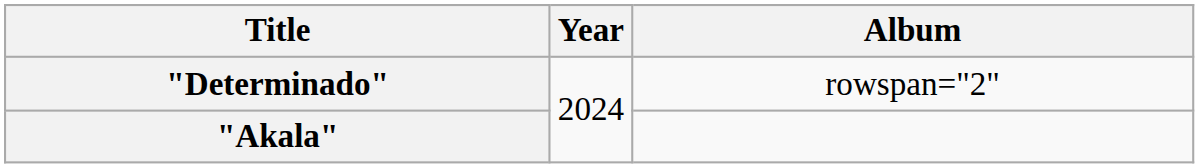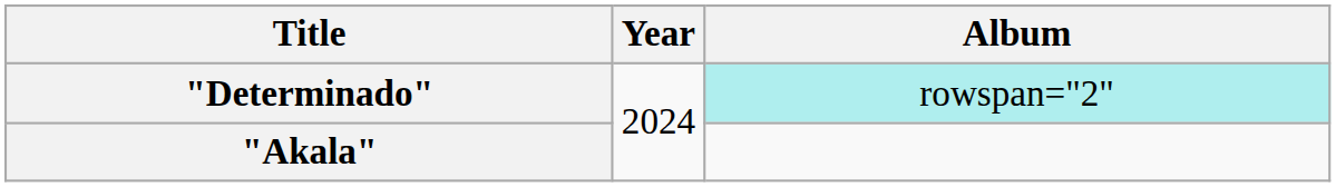 <table class="wikitable plainrowheaders" style="text-align:center;">
 <tr>
 <th rowspan="1" scope="col" style="width:16em;">Title</th>
 <th rowspan="1" scope="col" style="width:2em;">Year</th>
 <th rowspan="1" scope="col" style="width:16.5em;">Album</th>
 </tr>
 <tr>
 <th scope="row">"Determinado"<br></th>
 <td rowspan="2">2024</td>
-<td>rowspan="2" </td>
+<td style="background: paleturquoise;">rowspan="2" </td>
 </tr>
 <tr>
 <th scope="row">"Akala"<br></th>
 </tr>
 </table>
